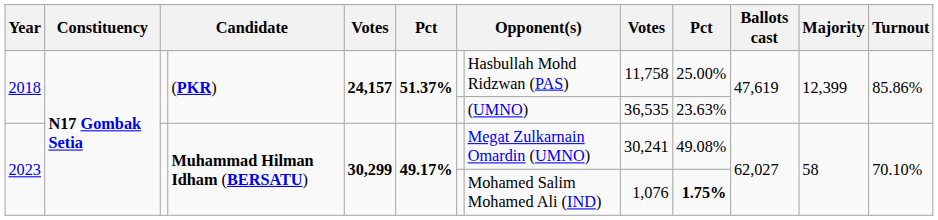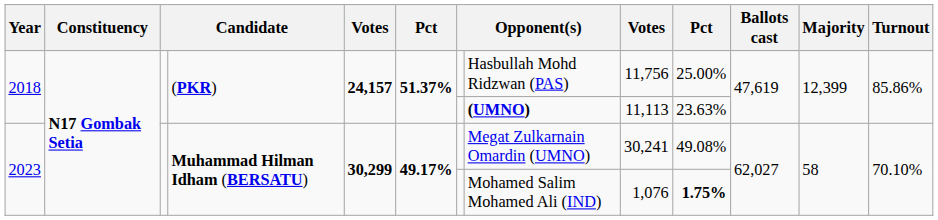 <table class="wikitable" style="margin:0.5em ; font-size:95%">
 <tr>
 <th>Year</th>
 <th>Constituency</th>
 <th colspan=2>Candidate</th>
 <th>Votes</th>
 <th>Pct</th>
 <th colspan=2>Opponent(s)</th>
 <th>Votes</th>
 <th>Pct</th>
 <th>Ballots cast</th>
 <th>Majority</th>
 <th>Turnout</th>
 </tr>
 <tr>
 <td rowspan=2><a href='#'>2018</a></td>
 <td rowspan=4><strong>N17 <a href='#'>Gombak Setia</a></strong></td>
 <td rowspan=2 ></td>
 <td rowspan=2> (<a href='#'><strong>PKR</strong></a>)</td>
 <td rowspan=2 align=right><strong>24,157</strong></td>
 <td rowspan=2><strong>51.37%</strong></td>
 <td></td>
 <td>Hasbullah Mohd Ridzwan (<a href='#'>PAS</a>)</td>
-<td align=right>11,758</td>
+<td align=right>11,756</td>
 <td>25.00%</td>
 <td rowspan=2>47,619</td>
 <td rowspan=2>12,399</td>
 <td rowspan=2>85.86%</td>
 </tr>
 <tr>
 <td></td>
-<td> (<a href='#'>UMNO</a>)</td>
-<td align=right>36,535</td>
+<td><strong> (<a href='#'>UMNO</a>)</strong></td>
+<td align=right>11,113</td>
 <td>23.63%</td>
 </tr>
 <tr>
 <td rowspan=2><a href='#'>2023</a></td>
 <td rowspan=2 bgcolor=></td>
 <td rowspan=2><strong>Muhammad Hilman Idham</strong> (<a href='#'><strong>BERSATU</strong></a>)</td>
 <td rowspan=2 align=right><strong>30,299</strong></td>
 <td rowspan=2><strong>49.17%</strong></td>
 <td></td>
 <td><a href='#'>Megat Zulkarnain Omardin</a> (<a href='#'>UMNO</a>)</td>
 <td align=right>30,241</td>
 <td>49.08%</td>
 <td rowspan=2>62,027</td>
 <td rowspan=2>58</td>
 <td rowspan=2>70.10%</td>
 </tr>
 <tr>
 <td></td>
 <td>Mohamed Salim Mohamed Ali (<a href='#'>IND</a>)</td>
 <td align=right>1,076</td>
 <td align=right><strong>1.75%</strong></td>
 </tr>
 </table>
